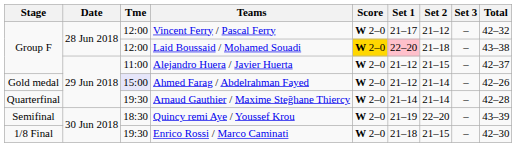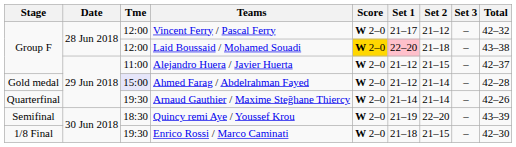 <table class=wikitable>
 <tr>
 <th width=60>Stage</th>
 <th>Date</th>
 <th>Tme</th>
 <th>Teams</th>
 <th>Score</th>
 <th>Set 1</th>
 <th>Set 2</th>
 <th>Set 3</th>
 <th>Total</th>
 </tr>
 <tr align=center>
 <td rowspan=3>Group F</td>
 <td rowspan=2>28 Jun 2018</td>
 <td>12:00</td>
 <td align=left> <a href='#'>Vincent Ferry</a> /  <a href='#'>Pascal Ferry</a></td>
 <td><strong>W</strong> 2–0</td>
 <td>21–17</td>
 <td>21–12</td>
 <td>–</td>
 <td>42–32</td>
 </tr>
 <tr align=center>
 <td>12:00</td>
 <td align=left> <a href='#'>Laid Boussaid</a> / <a href='#'>Mohamed Souadi</a></td>
 <td style="background: gold;"><strong>W</strong> 2–0</td>
 <td style="background: pink;">22–20</td>
 <td>21–18</td>
 <td>–</td>
 <td>43–38</td>
 </tr>
 <tr align=center>
 <td rowspan=3>29 Jun 2018</td>
 <td>11:00</td>
 <td align=left> <a href='#'>Alejandro Huera</a> / <a href='#'>Javier Huerta</a></td>
 <td><strong>W</strong> 2–0</td>
 <td>21–12</td>
 <td>21–15</td>
 <td>–</td>
 <td>42–37</td>
 </tr>
 <tr align=center>
 <td>Gold medal</td>
 <td style="background: lavender;">15:00</td>
 <td align=left> <a href='#'>Ahmed Farag</a> / <a href='#'>Abdelrahman Fayed</a></td>
 <td><strong>W</strong> 2–0</td>
 <td>21–12</td>
 <td>21–14</td>
 <td>–</td>
-<td>42–26</td>
+<td>42–28</td>
 </tr>
 <tr align=center>
 <td>Quarterfinal</td>
 <td>19:30</td>
 <td align=left> <a href='#'>Arnaud Gauthier</a> / <a href='#'>Maxime Steğhane Thiercy</a></td>
 <td><strong>W</strong> 2–0</td>
 <td>21–14</td>
 <td>21–14</td>
 <td>–</td>
-<td>42–28</td>
+<td>42–26</td>
 </tr>
 <tr align=center>
 <td>Semifinal</td>
 <td rowspan=2>30 Jun 2018</td>
 <td>18:30</td>
 <td align=left> <a href='#'>Quincy remi Aye</a> / <a href='#'>Youssef Krou</a></td>
 <td><strong>W</strong> 2–0</td>
 <td>21–19</td>
 <td>22–20</td>
 <td>–</td>
 <td>43–39</td>
 </tr>
 <tr align=center>
 <td>1/8 Final</td>
 <td>19:30</td>
 <td align=left> <a href='#'>Enrico Rossi</a> / <a href='#'>Marco Caminati</a></td>
 <td><strong>W</strong> 2–0</td>
 <td>21–18</td>
 <td>21–15</td>
 <td>–</td>
 <td>42–30</td>
 </tr>
 </table>
